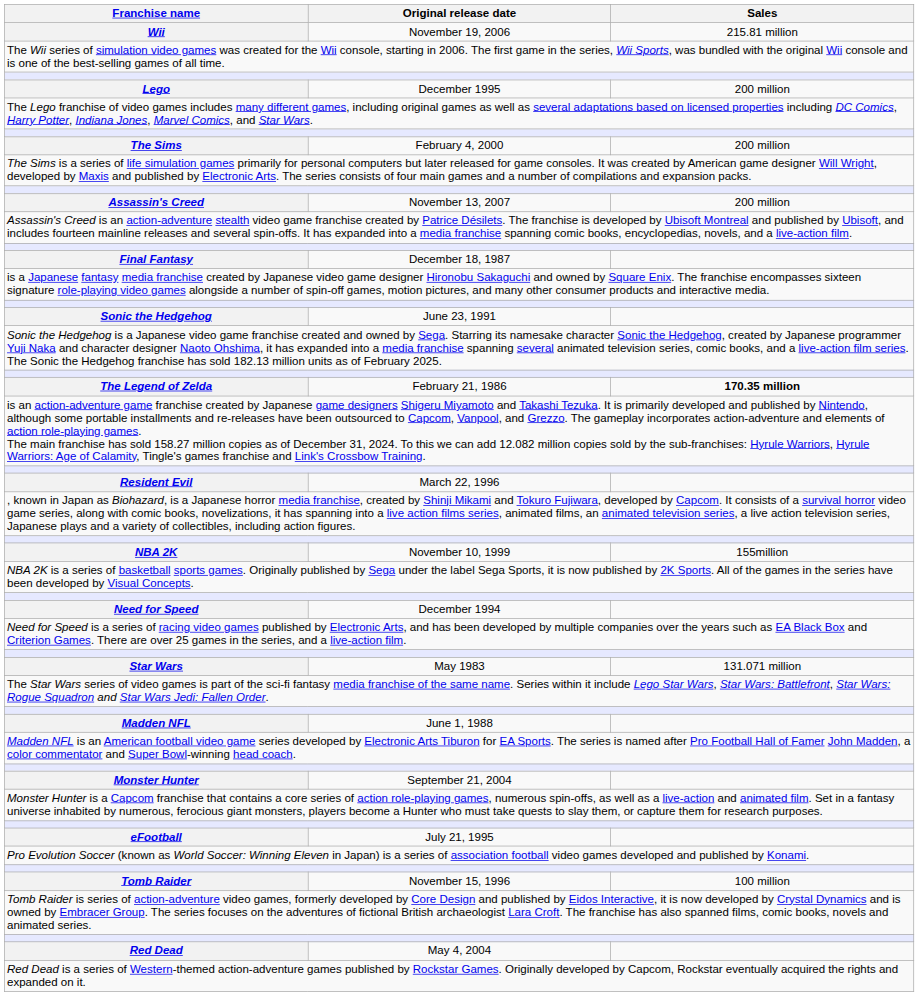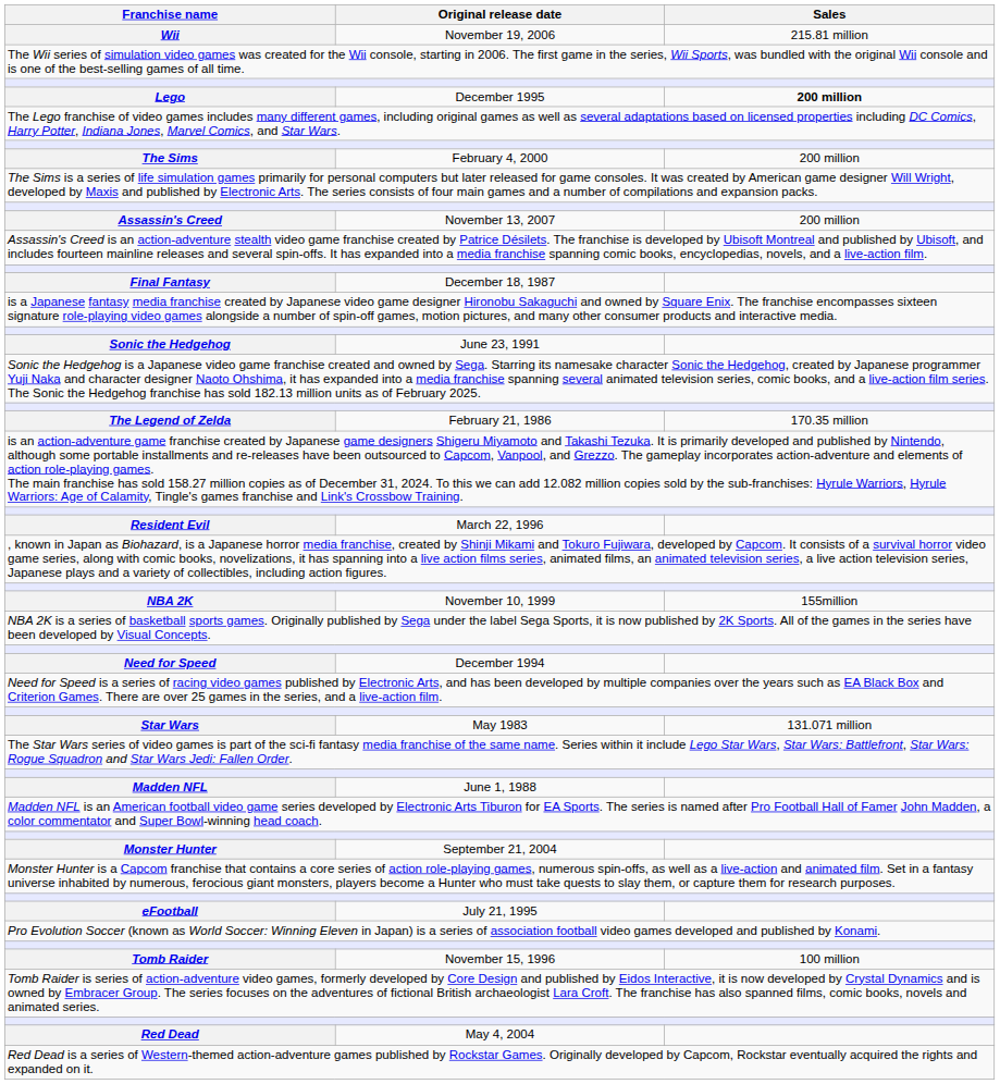 <table class="wikitable" style="width:100%;">
 <tr>
 <th scope=col style="width:33.4%;"><a href='#'>Franchise name</a></th>
 <th scope=col style="width:33.3%;">Original release date</th>
 <th scope=col style="width:33.3%;">Sales</th>
 </tr>
 <tr style="text-align:center;">
 <th scope=row><em><a href='#'>Wii</a></em></th>
 <td>November 19, 2006</td>
 <td>215.81 million</td>
 </tr>
 <tr>
 <td colspan="3">The <em>Wii</em> series of <a href='#'>simulation video games</a> was created for the <a href='#'>Wii</a> console, starting in 2006. The first game in the series, <em><a href='#'>Wii Sports</a></em>, was bundled with the original <a href='#'>Wii</a> console and is one of the best-selling games of all time.</td>
 </tr>
 <tr>
 <td colspan="3" style="background:#e6e9ff; height:3px;"></td>
 </tr>
 <tr style="text-align:center;">
 <th scope=row><em><a href='#'>Lego</a></em></th>
 <td>December 1995</td>
-<td>200 million</td>
+<td><strong>200 million</strong></td>
 </tr>
 <tr>
 <td colspan="3">The <em>Lego</em> franchise of video games includes <a href='#'>many different games</a>, including original games as well as <a href='#'>several adaptations based on licensed properties</a> including <em><a href='#'>DC Comics</a></em>, <em><a href='#'>Harry Potter</a></em>, <em><a href='#'>Indiana Jones</a></em>, <em><a href='#'>Marvel Comics</a></em>, and <em><a href='#'>Star Wars</a></em>.</td>
 </tr>
 <tr>
 <td colspan="3" style="background:#e6e9ff; height:3px;"></td>
 </tr>
 <tr style="text-align:center;">
 <th scope=row><em><a href='#'>The Sims</a></em></th>
 <td>February 4, 2000</td>
 <td>200 million</td>
 </tr>
 <tr>
 <td colspan="3"><em>The Sims</em> is a series of <a href='#'>life simulation games</a> primarily for personal computers but later released for game consoles. It was created by American game designer <a href='#'>Will Wright</a>, developed by <a href='#'>Maxis</a> and published by <a href='#'>Electronic Arts</a>. The series consists of four main games and a number of compilations and expansion packs.</td>
 </tr>
 <tr>
 <td colspan="3" style="background:#e6e9ff; height:3px;"></td>
 </tr>
 <tr style="text-align:center;">
 <th scope=row><em><a href='#'>Assassin's Creed</a></em></th>
 <td>November 13, 2007</td>
 <td>200 million</td>
 </tr>
 <tr>
 <td colspan="3"><em>Assassin's Creed</em> is an <a href='#'>action-adventure</a> <a href='#'>stealth</a> video game franchise created by <a href='#'>Patrice Désilets</a>. The franchise is developed by <a href='#'>Ubisoft Montreal</a> and published by <a href='#'>Ubisoft</a>, and includes fourteen mainline releases and several spin-offs. It has expanded into a <a href='#'>media franchise</a> spanning comic books, encyclopedias, novels, and a <a href='#'>live-action film</a>.</td>
 </tr>
 <tr>
 <td colspan="3" style="background:#e6e9ff; height:3px;"></td>
 </tr>
 <tr style="text-align:center;">
 <th scope=row><em><a href='#'>Final Fantasy</a></em></th>
 <td>December 18, 1987</td>
 <td></td>
 </tr>
 <tr>
 <td colspan="3"> is a <a href='#'>Japanese</a> <a href='#'>fantasy</a> <a href='#'>media franchise</a> created by Japanese video game designer <a href='#'>Hironobu Sakaguchi</a> and owned by <a href='#'>Square Enix</a>. The franchise encompasses sixteen signature <a href='#'>role-playing video games</a> alongside a number of spin-off games, motion pictures, and many other consumer products and interactive media.</td>
 </tr>
 <tr>
 <td colspan="3" style="background:#e6e9ff; height:3px;"></td>
 </tr>
 <tr style="text-align:center;">
 <th scope=row><em><a href='#'>Sonic the Hedgehog</a></em></th>
 <td>June 23, 1991</td>
 <td></td>
 </tr>
 <tr>
 <td colspan="3"><em>Sonic the Hedgehog</em> is a Japanese video game franchise created and owned by <a href='#'>Sega</a>. Starring its namesake character <a href='#'>Sonic the Hedgehog</a>, created by Japanese programmer <a href='#'>Yuji Naka</a> and character designer <a href='#'>Naoto Ohshima</a>, it has expanded into a <a href='#'>media franchise</a> spanning <a href='#'>several</a> animated television series, comic books, and a <a href='#'>live-action film series</a>.<br>The Sonic the Hedgehog franchise has sold 182.13 million units as of February 2025.</td>
 </tr>
 <tr>
 <td colspan="3" style="background:#e6e9ff; height:3px;"></td>
 </tr>
 <tr style="text-align:center;">
 <th scope="row"><em><a href='#'>The Legend of Zelda</a></em></th>
 <td>February 21, 1986</td>
-<td><strong>170.35 million</strong></td>
+<td>170.35 million</td>
 </tr>
 <tr>
 <td colspan="3"> is an <a href='#'>action-adventure game</a> franchise created by Japanese <a href='#'>game designers</a> <a href='#'>Shigeru Miyamoto</a> and <a href='#'>Takashi Tezuka</a>. It is primarily developed and published by <a href='#'>Nintendo</a>, although some portable installments and re-releases have been outsourced to <a href='#'>Capcom</a>, <a href='#'>Vanpool</a>, and <a href='#'>Grezzo</a>. The gameplay incorporates action-adventure and elements of <a href='#'>action role-playing games</a>.<br>The main franchise has sold 158.27 million copies as of December 31, 2024. To this we can add 12.082 million copies sold by the sub-franchises: <a href='#'>Hyrule Warriors</a>, <a href='#'>Hyrule Warriors: Age of Calamity</a>, Tingle's games franchise and <a href='#'>Link's Crossbow Training</a>.</td>
 </tr>
 <tr>
 <td colspan="3" style="background:#e6e9ff; height:3px;"></td>
 </tr>
 <tr style="text-align:center;">
 <th scope=row><em><a href='#'>Resident Evil</a></em></th>
 <td>March 22, 1996</td>
 <td></td>
 </tr>
 <tr>
 <td colspan="3">, known in Japan as <em>Biohazard</em>, is a Japanese horror <a href='#'>media franchise</a>, created by <a href='#'>Shinji Mikami</a> and <a href='#'>Tokuro Fujiwara</a>, developed by <a href='#'>Capcom</a>. It consists of a <a href='#'>survival horror</a> video game series, along with comic books, novelizations, it has spanning into a <a href='#'>live action films series</a>, animated films, an <a href='#'>animated television series</a>, a live action television series, Japanese plays and a variety of collectibles, including action figures.</td>
 </tr>
 <tr>
 <td colspan="3" style="background:#e6e9ff; height:3px;"></td>
 </tr>
 <tr style="text-align:center;">
 <th scope=row><em><a href='#'>NBA 2K</a></em></th>
 <td>November 10, 1999</td>
 <td>155million</td>
 </tr>
 <tr>
 <td colspan="3"><em>NBA 2K</em> is a series of <a href='#'>basketball</a> <a href='#'>sports games</a>. Originally published by <a href='#'>Sega</a> under the label Sega Sports, it is now published by <a href='#'>2K Sports</a>. All of the games in the series have been developed by <a href='#'>Visual Concepts</a>.</td>
 </tr>
 <tr>
 <td colspan="3" style="background:#e6e9ff; height:3px;"></td>
 </tr>
 <tr style="text-align:center;">
 <th scope=row><em><a href='#'>Need for Speed</a></em></th>
 <td>December 1994</td>
 <td></td>
 </tr>
 <tr>
 <td colspan="3"><em>Need for Speed</em> is a series of <a href='#'>racing video games</a> published by <a href='#'>Electronic Arts</a>, and has been developed by multiple companies over the years such as <a href='#'>EA Black Box</a> and <a href='#'>Criterion Games</a>. There are over 25 games in the series, and a <a href='#'>live-action film</a>.</td>
 </tr>
 <tr>
 <td colspan="3" style="background:#e6e9ff; height:3px;"></td>
 </tr>
 <tr style="text-align:center;">
 <th scope=row><em><a href='#'>Star Wars</a></em></th>
 <td>May 1983</td>
 <td>131.071 million</td>
 </tr>
 <tr>
 <td colspan="3">The <em>Star Wars</em> series of video games is part of the sci-fi fantasy <a href='#'>media franchise of the same name</a>. Series within it include <em><a href='#'>Lego Star Wars</a></em>, <em><a href='#'>Star Wars: Battlefront</a></em>, <em><a href='#'>Star Wars: Rogue Squadron</a> and <a href='#'>Star Wars Jedi: Fallen Order</a></em>.</td>
 </tr>
 <tr>
 <td colspan="3" style="background:#e6e9ff; height:3px;"></td>
 </tr>
 <tr style="text-align:center;">
 <th scope=row><em><a href='#'>Madden NFL</a></em></th>
 <td>June 1, 1988</td>
 <td></td>
 </tr>
 <tr>
 <td colspan="3"><em><a href='#'>Madden NFL</a></em> is an <a href='#'>American football video game</a> series developed by <a href='#'>Electronic Arts Tiburon</a> for <a href='#'>EA Sports</a>. The series is named after <a href='#'>Pro Football Hall of Famer</a> <a href='#'>John Madden</a>, a <a href='#'>color commentator</a> and <a href='#'>Super Bowl</a>-winning <a href='#'>head coach</a>.</td>
 </tr>
 <tr>
 <td colspan="3" style="background:#e6e9ff; height:3px;"></td>
 </tr>
 <tr style="text-align:center;">
 <th scope=row><em><a href='#'>Monster Hunter</a></em></th>
 <td>September 21, 2004</td>
 <td></td>
 </tr>
 <tr>
 <td colspan="3"><em>Monster Hunter</em> is a <a href='#'>Capcom</a> franchise that contains a core series of <a href='#'>action role-playing games</a>, numerous spin-offs, as well as a <a href='#'>live-action</a> and <a href='#'>animated film</a>. Set in a fantasy universe inhabited by numerous, ferocious giant monsters, players become a Hunter who must take quests to slay them, or capture them for research purposes.</td>
 </tr>
 <tr>
 <td colspan="3" style="background:#e6e9ff; height:3px;"></td>
 </tr>
 <tr style="text-align:center;">
 <th scope=row><em><a href='#'>eFootball</a></em></th>
 <td>July 21, 1995</td>
 <td></td>
 </tr>
 <tr>
 <td colspan="3"><em>Pro Evolution Soccer</em> (known as <em>World Soccer: Winning Eleven</em> in Japan) is a series of <a href='#'>association football</a> video games developed and published by <a href='#'>Konami</a>.</td>
 </tr>
 <tr>
 <td colspan="3" style="background:#e6e9ff; height:3px;"></td>
 </tr>
 <tr style="text-align:center;">
 <th scope=row><em><a href='#'>Tomb Raider</a></em></th>
 <td>November 15, 1996</td>
 <td>100 million</td>
 </tr>
 <tr>
 <td colspan="3"><em>Tomb Raider</em> is series of <a href='#'>action-adventure</a> video games, formerly developed by <a href='#'>Core Design</a> and published by <a href='#'>Eidos Interactive</a>, it is now developed by <a href='#'>Crystal Dynamics</a> and is owned by <a href='#'>Embracer Group</a>. The series focuses on the adventures of fictional British archaeologist <a href='#'>Lara Croft</a>. The franchise has also spanned films, comic books, novels and animated series.</td>
 </tr>
 <tr>
 <td colspan="3" style="background:#e6e9ff; height:3px;"></td>
 </tr>
 <tr style="text-align:center;">
 <th scope=row><em><a href='#'>Red Dead</a></em></th>
 <td>May 4, 2004</td>
 <td></td>
 </tr>
 <tr>
 <td colspan="3"><em>Red Dead</em> is a series of <a href='#'>Western</a>-themed action-adventure games published by <a href='#'>Rockstar Games</a>. Originally developed by Capcom, Rockstar eventually acquired the rights and expanded on it.</td>
 </tr>
 </table>
